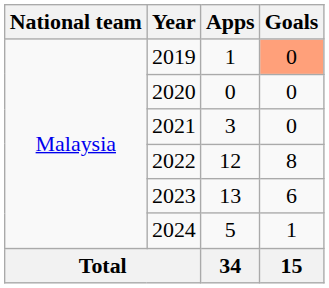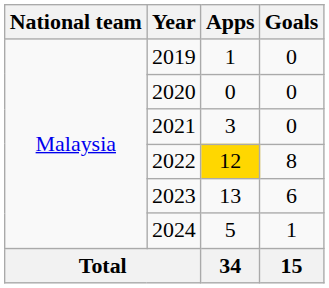 <table class="wikitable" style="text-align:center">
 <tr>
 <th>National team</th>
 <th>Year</th>
 <th>Apps</th>
 <th>Goals</th>
 </tr>
 <tr>
 <td rowspan=6><a href='#'>Malaysia</a></td>
 <td>2019</td>
 <td>1</td>
-<td style="background: lightsalmon;">0</td>
+<td>0</td>
 </tr>
 <tr>
 <td>2020</td>
 <td>0</td>
 <td>0</td>
 </tr>
 <tr>
 <td>2021</td>
 <td>3</td>
 <td>0</td>
 </tr>
 <tr>
 <td>2022</td>
-<td>12</td>
+<td style="background: gold;">12</td>
 <td>8</td>
 </tr>
 <tr>
 <td>2023</td>
 <td>13</td>
 <td>6</td>
 </tr>
 <tr>
 <td>2024</td>
 <td>5</td>
 <td>1</td>
 </tr>
 <tr>
 <th colspan=2>Total</th>
 <th>34</th>
 <th>15</th>
 </tr>
 </table>
